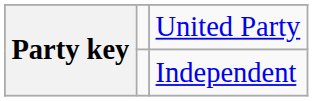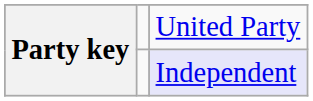 <table class=wikitable>
 <tr>
 <th rowspan=2>Party key</th>
 <td bgcolor=></td>
 <td><a href='#'>United Party</a></td>
 </tr>
 <tr>
 <td bgcolor=></td>
-<td><a href='#'>Independent</a></td>
+<td style="background: lavender;"><a href='#'>Independent</a></td>
 </tr>
 </table>
